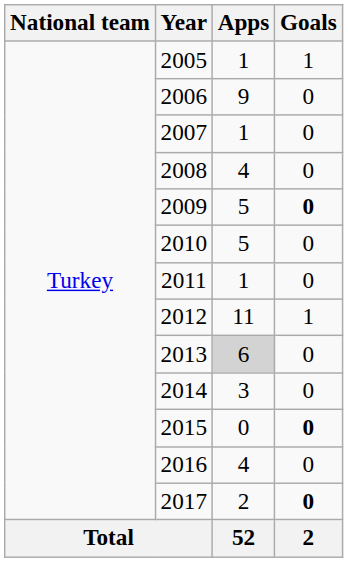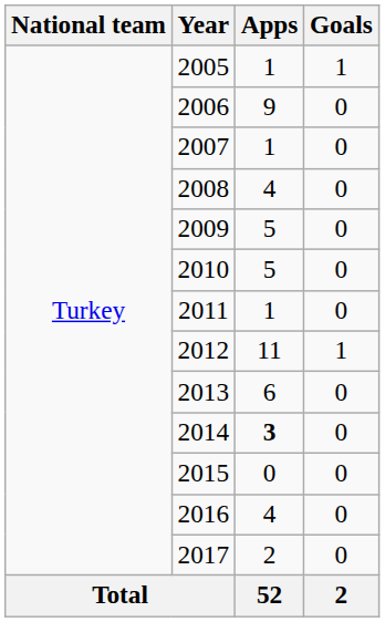 <table class="wikitable" style="text-align:center">
 <tr>
 <th>National team</th>
 <th>Year</th>
 <th>Apps</th>
 <th>Goals</th>
 </tr>
 <tr>
 <td rowspan="13"><a href='#'>Turkey</a></td>
 <td>2005</td>
 <td>1</td>
 <td>1</td>
 </tr>
 <tr>
 <td>2006</td>
 <td>9</td>
 <td>0</td>
 </tr>
 <tr>
 <td>2007</td>
 <td>1</td>
 <td>0</td>
 </tr>
 <tr>
 <td>2008</td>
 <td>4</td>
 <td>0</td>
 </tr>
 <tr>
 <td>2009</td>
 <td>5</td>
-<td><strong>0</strong></td>
+<td>0</td>
 </tr>
 <tr>
 <td>2010</td>
 <td>5</td>
 <td>0</td>
 </tr>
 <tr>
 <td>2011</td>
 <td>1</td>
 <td>0</td>
 </tr>
 <tr>
 <td>2012</td>
 <td>11</td>
 <td>1</td>
 </tr>
 <tr>
 <td>2013</td>
-<td style="background: lightgrey;">6</td>
+<td>6</td>
 <td>0</td>
 </tr>
 <tr>
 <td>2014</td>
-<td>3</td>
+<td><strong>3</strong></td>
 <td>0</td>
 </tr>
 <tr>
 <td>2015</td>
 <td>0</td>
-<td><strong>0</strong></td>
+<td>0</td>
 </tr>
 <tr>
 <td>2016</td>
 <td>4</td>
 <td>0</td>
 </tr>
 <tr>
 <td>2017</td>
 <td>2</td>
-<td><strong>0</strong></td>
+<td>0</td>
 </tr>
 <tr>
 <th colspan="2">Total</th>
 <th>52</th>
 <th>2</th>
 </tr>
 </table>
